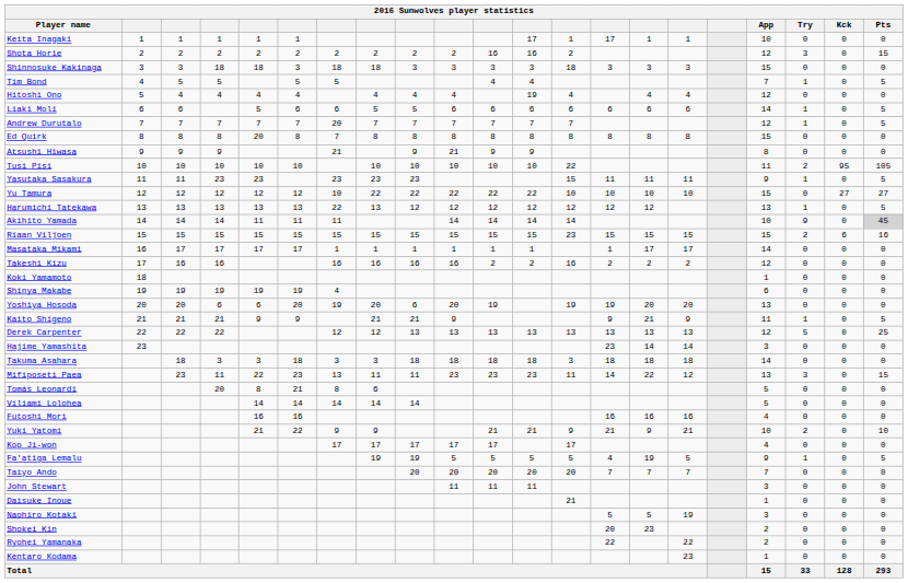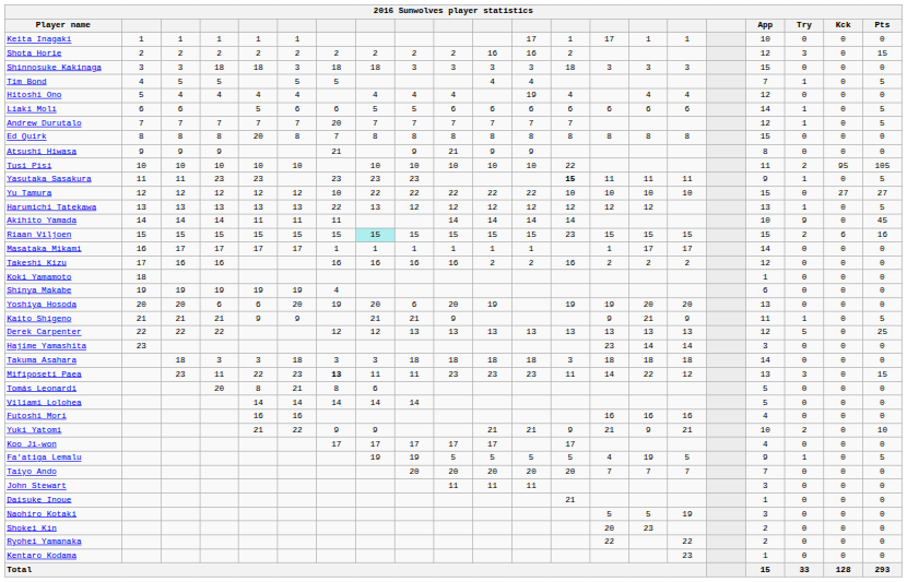 <table class="wikitable sortable" style="text-align:center; font-size:90%; width:100%">
 <tr>
 <th colspan="100%">2016 Sunwolves player statistics</th>
 </tr>
 <tr>
 <th style="width:12%;">Player name</th>
 <th style="width:4%;"></th>
 <th style="width:4%;"></th>
 <th style="width:4%;"></th>
 <th style="width:4%;"></th>
 <th style="width:4%;"></th>
 <th style="width:4%;"></th>
 <th style="width:4%;"></th>
 <th style="width:4%;"></th>
 <th style="width:4%;"></th>
 <th style="width:4%;"></th>
 <th style="width:4%;"></th>
 <th style="width:4%;"></th>
 <th style="width:4%;"></th>
 <th style="width:4%;"></th>
 <th style="width:4%;"></th>
 <th style="width:4%;"></th>
 <th style="width:4%;">App</th>
 <th style="width:4%;">Try</th>
 <th style="width:4%;">Kck</th>
 <th style="width:4%;">Pts</th>
 </tr>
 <tr>
 <td style="text-align:left;"><a href='#'>Keita Inagaki</a></td>
 <td>1</td>
 <td>1</td>
 <td>1</td>
 <td>1</td>
 <td>1</td>
 <td></td>
 <td></td>
 <td></td>
 <td></td>
 <td></td>
 <td>17 </td>
 <td>1</td>
 <td>17 </td>
 <td>1</td>
 <td>1</td>
 <td style="background:#ECECEC;"></td>
 <td>10</td>
 <td>0</td>
 <td>0</td>
 <td>0</td>
 </tr>
 <tr>
 <td style="text-align:left;"><a href='#'>Shota Horie</a></td>
 <td>2</td>
 <td>2</td>
 <td>2</td>
 <td>2</td>
 <td>2</td>
 <td>2</td>
 <td>2</td>
 <td>2</td>
 <td>2</td>
 <td>16 </td>
 <td>16 </td>
 <td>2</td>
 <td></td>
 <td></td>
 <td></td>
 <td style="background:#ECECEC;"></td>
 <td>12</td>
 <td>3</td>
 <td>0</td>
 <td>15</td>
 </tr>
 <tr>
 <td style="text-align:left;"><a href='#'>Shinnosuke Kakinaga</a></td>
 <td>3</td>
 <td>3</td>
 <td>18 </td>
 <td>18 </td>
 <td>3</td>
 <td>18 </td>
 <td>18 </td>
 <td>3</td>
 <td>3</td>
 <td>3</td>
 <td>3</td>
 <td>18 </td>
 <td>3</td>
 <td>3</td>
 <td>3</td>
 <td style="background:#ECECEC;"></td>
 <td>15</td>
 <td>0</td>
 <td>0</td>
 <td>0</td>
 </tr>
 <tr>
 <td style="text-align:left;"><a href='#'>Tim Bond</a></td>
 <td>4</td>
 <td>5</td>
 <td>5</td>
 <td></td>
 <td>5</td>
 <td>5</td>
 <td></td>
 <td></td>
 <td></td>
 <td>4</td>
 <td>4</td>
 <td></td>
 <td></td>
 <td></td>
 <td></td>
 <td style="background:#ECECEC;"></td>
 <td>7</td>
 <td>1</td>
 <td>0</td>
 <td>5</td>
 </tr>
 <tr>
 <td style="text-align:left;"><a href='#'>Hitoshi Ono</a></td>
 <td>5</td>
 <td>4</td>
 <td>4</td>
 <td>4</td>
 <td>4</td>
 <td></td>
 <td>4</td>
 <td>4</td>
 <td>4</td>
 <td></td>
 <td>19 </td>
 <td>4</td>
 <td></td>
 <td>4</td>
 <td>4</td>
 <td style="background:#ECECEC;"></td>
 <td>12</td>
 <td>0</td>
 <td>0</td>
 <td>0</td>
 </tr>
 <tr>
 <td style="text-align:left;"><a href='#'>Liaki Moli</a></td>
 <td>6</td>
 <td>6</td>
 <td></td>
 <td>5</td>
 <td>6</td>
 <td>6</td>
 <td>5</td>
 <td>5</td>
 <td>6</td>
 <td>6</td>
 <td>6</td>
 <td>6</td>
 <td>6</td>
 <td>6</td>
 <td>6</td>
 <td style="background:#ECECEC;"></td>
 <td>14</td>
 <td>1</td>
 <td>0</td>
 <td>5</td>
 </tr>
 <tr>
 <td style="text-align:left;"><a href='#'>Andrew Durutalo</a></td>
 <td>7</td>
 <td>7</td>
 <td>7</td>
 <td>7</td>
 <td>7</td>
 <td>20 </td>
 <td>7</td>
 <td>7</td>
 <td>7</td>
 <td>7</td>
 <td>7</td>
 <td>7</td>
 <td></td>
 <td></td>
 <td></td>
 <td style="background:#ECECEC;"></td>
 <td>12</td>
 <td>1</td>
 <td>0</td>
 <td>5</td>
 </tr>
 <tr>
 <td style="text-align:left;"><a href='#'>Ed Quirk</a></td>
 <td>8</td>
 <td>8</td>
 <td>8</td>
 <td>20 </td>
 <td>8</td>
 <td>7</td>
 <td>8</td>
 <td>8</td>
 <td>8</td>
 <td>8</td>
 <td>8</td>
 <td>8</td>
 <td>8</td>
 <td>8</td>
 <td>8</td>
 <td style="background:#ECECEC;"></td>
 <td>15</td>
 <td>0</td>
 <td>0</td>
 <td>0</td>
 </tr>
 <tr>
 <td style="text-align:left;"><a href='#'>Atsushi Hiwasa</a></td>
 <td>9</td>
 <td>9</td>
 <td>9</td>
 <td></td>
 <td></td>
 <td>21 </td>
 <td></td>
 <td>9</td>
 <td>21 </td>
 <td>9</td>
 <td>9</td>
 <td></td>
 <td></td>
 <td></td>
 <td></td>
 <td style="background:#ECECEC;"></td>
 <td>8</td>
 <td>0</td>
 <td>0</td>
 <td>0</td>
 </tr>
 <tr>
 <td style="text-align:left;"><a href='#'>Tusi Pisi</a></td>
 <td>10</td>
 <td>10</td>
 <td>10</td>
 <td>10</td>
 <td>10</td>
 <td></td>
 <td>10</td>
 <td>10</td>
 <td>10</td>
 <td>10</td>
 <td>10</td>
 <td>22 </td>
 <td></td>
 <td></td>
 <td></td>
 <td style="background:#ECECEC;"></td>
 <td>11</td>
 <td>2</td>
 <td>95</td>
 <td>105</td>
 </tr>
 <tr>
 <td style="text-align:left;"><a href='#'>Yasutaka Sasakura</a></td>
 <td>11</td>
 <td>11</td>
 <td>23</td>
 <td>23</td>
 <td></td>
 <td>23 </td>
 <td>23 </td>
 <td>23 </td>
 <td></td>
 <td></td>
 <td></td>
-<td>15</td>
+<td><strong>15</strong></td>
 <td>11</td>
 <td>11</td>
 <td>11</td>
 <td style="background:#ECECEC;"></td>
 <td>9</td>
 <td>1</td>
 <td>0</td>
 <td>5</td>
 </tr>
 <tr>
 <td style="text-align:left;"><a href='#'>Yu Tamura</a></td>
 <td>12</td>
 <td>12</td>
 <td>12</td>
 <td>12</td>
 <td>12</td>
 <td>10</td>
 <td>22 </td>
 <td>22 </td>
 <td>22 </td>
 <td>22 </td>
 <td>22 </td>
 <td>10</td>
 <td>10</td>
 <td>10</td>
 <td>10</td>
 <td style="background:#ECECEC;"></td>
 <td>15</td>
 <td>0</td>
 <td>27</td>
 <td>27</td>
 </tr>
 <tr>
 <td style="text-align:left;"><a href='#'>Harumichi Tatekawa</a></td>
 <td>13</td>
 <td>13</td>
 <td>13</td>
 <td>13</td>
 <td>13</td>
 <td>22</td>
 <td>13</td>
 <td>12</td>
 <td>12</td>
 <td>12</td>
 <td>12</td>
 <td>12</td>
 <td>12</td>
 <td>12</td>
 <td></td>
 <td style="background:#ECECEC;"></td>
 <td>13</td>
 <td>1</td>
 <td>0</td>
 <td>5</td>
 </tr>
 <tr>
 <td style="text-align:left;"><a href='#'>Akihito Yamada</a></td>
 <td>14</td>
 <td>14</td>
 <td>14</td>
 <td>11</td>
 <td>11</td>
 <td>11</td>
 <td></td>
 <td></td>
 <td>14</td>
 <td>14</td>
 <td>14</td>
 <td>14</td>
 <td></td>
 <td></td>
 <td></td>
 <td style="background:#ECECEC;"></td>
 <td>10</td>
 <td>9</td>
 <td>0</td>
-<td style="background: lightgrey;">45</td>
+<td>45</td>
 </tr>
 <tr>
 <td style="text-align:left;"><a href='#'>Riaan Viljoen</a></td>
 <td>15</td>
 <td>15</td>
 <td>15</td>
 <td>15</td>
 <td>15</td>
 <td>15</td>
-<td>15</td>
+<td style="background: paleturquoise;">15</td>
 <td>15</td>
 <td>15</td>
 <td>15</td>
 <td>15</td>
 <td>23 </td>
 <td>15</td>
 <td>15</td>
 <td>15</td>
 <td style="background:#ECECEC;"></td>
 <td>15</td>
 <td>2</td>
 <td>6</td>
 <td>16</td>
 </tr>
 <tr>
 <td style="text-align:left;"><a href='#'>Masataka Mikami</a></td>
 <td>16 </td>
 <td>17 </td>
 <td>17 </td>
 <td>17 </td>
 <td>17 </td>
 <td>1</td>
 <td>1</td>
 <td>1</td>
 <td>1</td>
 <td>1</td>
 <td>1</td>
 <td></td>
 <td>1</td>
 <td>17 </td>
 <td>17 </td>
 <td style="background:#ECECEC;"></td>
 <td>14</td>
 <td>0</td>
 <td>0</td>
 <td>0</td>
 </tr>
 <tr>
 <td style="text-align:left;"><a href='#'>Takeshi Kizu</a></td>
 <td>17 </td>
 <td>16 </td>
 <td>16 </td>
 <td></td>
 <td></td>
 <td>16 </td>
 <td>16 </td>
 <td>16</td>
 <td>16 </td>
 <td>2</td>
 <td>2</td>
 <td>16 </td>
 <td>2</td>
 <td>2</td>
 <td>2</td>
 <td style="background:#ECECEC;"></td>
 <td>12</td>
 <td>0</td>
 <td>0</td>
 <td>0</td>
 </tr>
 <tr>
 <td style="text-align:left;"><a href='#'>Koki Yamamoto</a></td>
 <td>18 </td>
 <td></td>
 <td></td>
 <td></td>
 <td></td>
 <td></td>
 <td></td>
 <td></td>
 <td></td>
 <td></td>
 <td></td>
 <td></td>
 <td></td>
 <td></td>
 <td></td>
 <td style="background:#ECECEC;"></td>
 <td>1</td>
 <td>0</td>
 <td>0</td>
 <td>0</td>
 </tr>
 <tr>
 <td style="text-align:left;"><a href='#'>Shinya Makabe</a></td>
 <td>19 </td>
 <td>19 </td>
 <td>19 </td>
 <td>19 </td>
 <td>19 </td>
 <td>4</td>
 <td></td>
 <td></td>
 <td></td>
 <td></td>
 <td></td>
 <td></td>
 <td></td>
 <td></td>
 <td></td>
 <td style="background:#ECECEC;"></td>
 <td>6</td>
 <td>0</td>
 <td>0</td>
 <td>0</td>
 </tr>
 <tr>
 <td style="text-align:left;"><a href='#'>Yoshiya Hosoda</a></td>
 <td>20 </td>
 <td>20 </td>
 <td>6</td>
 <td>6</td>
 <td>20 </td>
 <td>19 </td>
 <td>20 </td>
 <td>6</td>
 <td>20 </td>
 <td>19</td>
 <td></td>
 <td>19 </td>
 <td>19 </td>
 <td>20 </td>
 <td>20 </td>
 <td style="background:#ECECEC;"></td>
 <td>13</td>
 <td>0</td>
 <td>0</td>
 <td>0</td>
 </tr>
 <tr>
 <td style="text-align:left;"><a href='#'>Kaito Shigeno</a></td>
 <td>21 </td>
 <td>21 </td>
 <td>21 </td>
 <td>9</td>
 <td>9</td>
 <td></td>
 <td>21 </td>
 <td>21 </td>
 <td>9</td>
 <td></td>
 <td></td>
 <td></td>
 <td>9</td>
 <td>21 </td>
 <td>9</td>
 <td style="background:#ECECEC;"></td>
 <td>11</td>
 <td>1</td>
 <td>0</td>
 <td>5</td>
 </tr>
 <tr>
 <td style="text-align:left;"><a href='#'>Derek Carpenter</a></td>
 <td>22</td>
 <td>22 </td>
 <td>22 </td>
 <td></td>
 <td></td>
 <td>12</td>
 <td>12</td>
 <td>13</td>
 <td>13</td>
 <td>13</td>
 <td>13</td>
 <td>13</td>
 <td>13</td>
 <td>13</td>
 <td>13</td>
 <td style="background:#ECECEC;"></td>
 <td>12</td>
 <td>5</td>
 <td>0</td>
 <td>25</td>
 </tr>
 <tr>
 <td style="text-align:left;"><a href='#'>Hajime Yamashita</a></td>
 <td>23</td>
 <td></td>
 <td></td>
 <td></td>
 <td></td>
 <td></td>
 <td></td>
 <td></td>
 <td></td>
 <td></td>
 <td></td>
 <td></td>
 <td>23 </td>
 <td>14</td>
 <td>14</td>
 <td style="background:#ECECEC;"></td>
 <td>3</td>
 <td>0</td>
 <td>0</td>
 <td>0</td>
 </tr>
 <tr>
 <td style="text-align:left;"><a href='#'>Takuma Asahara</a></td>
 <td></td>
 <td>18 </td>
 <td>3</td>
 <td>3</td>
 <td>18 </td>
 <td>3</td>
 <td>3</td>
 <td>18 </td>
 <td>18 </td>
 <td>18 </td>
 <td>18 </td>
 <td>3</td>
 <td>18 </td>
 <td>18 </td>
 <td>18 </td>
 <td style="background:#ECECEC;"></td>
 <td>14</td>
 <td>0</td>
 <td>0</td>
 <td>0</td>
 </tr>
 <tr>
 <td style="text-align:left;"><a href='#'>Mifiposeti Paea</a></td>
 <td></td>
 <td>23 </td>
 <td>11</td>
 <td>22</td>
 <td>23 </td>
-<td>13</td>
+<td><strong>13</strong></td>
 <td>11</td>
 <td>11</td>
 <td>23 </td>
 <td>23 </td>
 <td>23 </td>
 <td>11</td>
 <td>14</td>
 <td>22 </td>
 <td>12</td>
 <td style="background:#ECECEC;"></td>
 <td>13</td>
 <td>3</td>
 <td>0</td>
 <td>15</td>
 </tr>
 <tr>
 <td style="text-align:left;"><a href='#'>Tomás Leonardi</a></td>
 <td></td>
 <td></td>
 <td>20 </td>
 <td>8</td>
 <td>21 </td>
 <td>8</td>
 <td>6</td>
 <td></td>
 <td></td>
 <td></td>
 <td></td>
 <td></td>
 <td></td>
 <td></td>
 <td></td>
 <td style="background:#ECECEC;"></td>
 <td>5</td>
 <td>0</td>
 <td>0</td>
 <td>0</td>
 </tr>
 <tr>
 <td style="text-align:left;"><a href='#'>Viliami Lolohea</a></td>
 <td></td>
 <td></td>
 <td></td>
 <td>14</td>
 <td>14</td>
 <td>14</td>
 <td>14</td>
 <td>14</td>
 <td></td>
 <td></td>
 <td></td>
 <td></td>
 <td></td>
 <td></td>
 <td></td>
 <td style="background:#ECECEC;"></td>
 <td>5</td>
 <td>0</td>
 <td>0</td>
 <td>0</td>
 </tr>
 <tr>
 <td style="text-align:left;"><a href='#'>Futoshi Mori</a></td>
 <td></td>
 <td></td>
 <td></td>
 <td>16 </td>
 <td>16</td>
 <td></td>
 <td></td>
 <td></td>
 <td></td>
 <td></td>
 <td></td>
 <td></td>
 <td>16 </td>
 <td>16 </td>
 <td>16 </td>
 <td style="background:#ECECEC;"></td>
 <td>4</td>
 <td>0</td>
 <td>0</td>
 <td>0</td>
 </tr>
 <tr>
 <td style="text-align:left;"><a href='#'>Yuki Yatomi</a></td>
 <td></td>
 <td></td>
 <td></td>
 <td>21 </td>
 <td>22 </td>
 <td>9</td>
 <td>9</td>
 <td></td>
 <td></td>
 <td>21 </td>
 <td>21 </td>
 <td>9</td>
 <td>21 </td>
 <td>9</td>
 <td>21 </td>
 <td style="background:#ECECEC;"></td>
 <td>10</td>
 <td>2</td>
 <td>0</td>
 <td>10</td>
 </tr>
 <tr>
 <td style="text-align:left;"><a href='#'>Koo Ji-won</a></td>
 <td></td>
 <td></td>
 <td></td>
 <td></td>
 <td></td>
 <td>17 </td>
 <td>17 </td>
 <td>17</td>
 <td>17 </td>
 <td>17</td>
 <td></td>
 <td>17 </td>
 <td></td>
 <td></td>
 <td></td>
 <td style="background:#ECECEC;"></td>
 <td>4</td>
 <td>0</td>
 <td>0</td>
 <td>0</td>
 </tr>
 <tr>
 <td style="text-align:left;"><a href='#'>Fa'atiga Lemalu</a></td>
 <td></td>
 <td></td>
 <td></td>
 <td></td>
 <td></td>
 <td></td>
 <td>19 </td>
 <td>19 </td>
 <td>5</td>
 <td>5</td>
 <td>5</td>
 <td>5</td>
 <td>4</td>
 <td>19 </td>
 <td>5</td>
 <td style="background:#ECECEC;"></td>
 <td>9</td>
 <td>1</td>
 <td>0</td>
 <td>5</td>
 </tr>
 <tr>
 <td style="text-align:left;"><a href='#'>Taiyo Ando</a></td>
 <td></td>
 <td></td>
 <td></td>
 <td></td>
 <td></td>
 <td></td>
 <td></td>
 <td>20 </td>
 <td>20 </td>
 <td>20 </td>
 <td>20</td>
 <td>20 </td>
 <td>7</td>
 <td>7</td>
 <td>7</td>
 <td style="background:#ECECEC;"></td>
 <td>7</td>
 <td>0</td>
 <td>0</td>
 <td>0</td>
 </tr>
 <tr>
 <td style="text-align:left;"><a href='#'>John Stewart</a></td>
 <td></td>
 <td></td>
 <td></td>
 <td></td>
 <td></td>
 <td></td>
 <td></td>
 <td></td>
 <td>11</td>
 <td>11</td>
 <td>11</td>
 <td></td>
 <td></td>
 <td></td>
 <td></td>
 <td style="background:#ECECEC;"></td>
 <td>3</td>
 <td>0</td>
 <td>0</td>
 <td>0</td>
 </tr>
 <tr>
 <td style="text-align:left;"><a href='#'>Daisuke Inoue</a></td>
 <td></td>
 <td></td>
 <td></td>
 <td></td>
 <td></td>
 <td></td>
 <td></td>
 <td></td>
 <td></td>
 <td></td>
 <td></td>
 <td>21 </td>
 <td></td>
 <td></td>
 <td></td>
 <td style="background:#ECECEC;"></td>
 <td>1</td>
 <td>0</td>
 <td>0</td>
 <td>0</td>
 </tr>
 <tr>
 <td style="text-align:left;"><a href='#'>Naohiro Kotaki</a></td>
 <td></td>
 <td></td>
 <td></td>
 <td></td>
 <td></td>
 <td></td>
 <td></td>
 <td></td>
 <td></td>
 <td></td>
 <td></td>
 <td></td>
 <td>5</td>
 <td>5</td>
 <td>19 </td>
 <td style="background:#ECECEC;"></td>
 <td>3</td>
 <td>0</td>
 <td>0</td>
 <td>0</td>
 </tr>
 <tr>
 <td style="text-align:left;"><a href='#'>Shokei Kin</a></td>
 <td></td>
 <td></td>
 <td></td>
 <td></td>
 <td></td>
 <td></td>
 <td></td>
 <td></td>
 <td></td>
 <td></td>
 <td></td>
 <td></td>
 <td>20 </td>
 <td>23 </td>
 <td></td>
 <td style="background:#ECECEC;"></td>
 <td>2</td>
 <td>0</td>
 <td>0</td>
 <td>0</td>
 </tr>
 <tr>
 <td style="text-align:left;"><a href='#'>Ryohei Yamanaka</a></td>
 <td></td>
 <td></td>
 <td></td>
 <td></td>
 <td></td>
 <td></td>
 <td></td>
 <td></td>
 <td></td>
 <td></td>
 <td></td>
 <td></td>
 <td>22 </td>
 <td></td>
 <td>22 </td>
 <td style="background:#ECECEC;"></td>
 <td>2</td>
 <td>0</td>
 <td>0</td>
 <td>0</td>
 </tr>
 <tr>
 <td style="text-align:left;"><a href='#'>Kentaro Kodama</a></td>
 <td></td>
 <td></td>
 <td></td>
 <td></td>
 <td></td>
 <td></td>
 <td></td>
 <td></td>
 <td></td>
 <td></td>
 <td></td>
 <td></td>
 <td></td>
 <td></td>
 <td>23 </td>
 <td style="background:#ECECEC;"></td>
 <td>1</td>
 <td>0</td>
 <td>0</td>
 <td>0</td>
 </tr>
 <tr>
 <th colspan="16" style="text-align:left;">Total</th>
 <th style="background:#ECECEC;"></th>
 <th>15</th>
 <th>33</th>
 <th>128</th>
 <th>293</th>
 </tr>
 </table>
